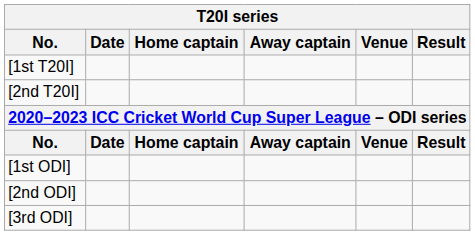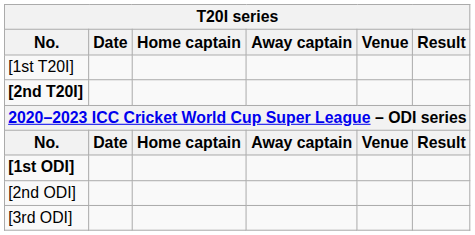 <table class="wikitable">
 <tr>
 <th colspan="9">T20I series</th>
 </tr>
 <tr>
 <th>No.</th>
 <th>Date</th>
 <th>Home captain</th>
 <th>Away captain</th>
 <th>Venue</th>
 <th>Result</th>
 </tr>
 <tr>
 <td>[1st T20I]</td>
 <td></td>
 <td></td>
 <td></td>
 <td></td>
 <td></td>
 </tr>
 <tr>
-<td>[2nd T20I]</td>
+<td><strong>[2nd T20I]</strong></td>
 <td></td>
 <td></td>
 <td></td>
 <td></td>
 <td></td>
 </tr>
 <tr>
 <th colspan="9"><a href='#'>2020–2023 ICC Cricket World Cup Super League</a> – ODI series</th>
 </tr>
 <tr>
 <th>No.</th>
 <th>Date</th>
 <th>Home captain</th>
 <th>Away captain</th>
 <th>Venue</th>
 <th>Result</th>
 </tr>
 <tr>
-<td>[1st ODI]</td>
+<td><strong>[1st ODI]</strong></td>
 <td></td>
 <td></td>
 <td></td>
 <td></td>
 <td></td>
 </tr>
 <tr>
 <td>[2nd ODI]</td>
 <td></td>
 <td></td>
 <td></td>
 <td></td>
 <td></td>
 </tr>
 <tr>
 <td>[3rd ODI]</td>
 <td></td>
 <td></td>
 <td></td>
 <td></td>
 <td></td>
 </tr>
 </table>
